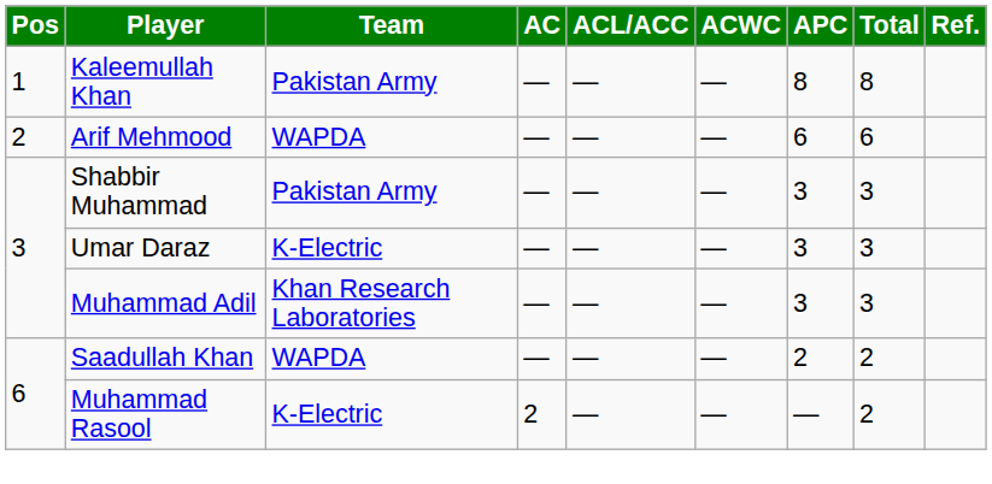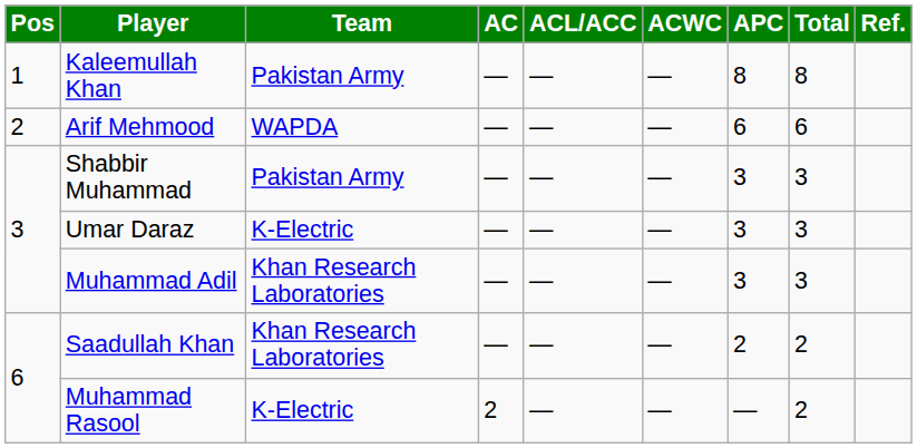 <table class="wikitable">
 <tr>
 <th style="background:green; color:white; text-align:center;">Pos</th>
 <th style="background:green; color:white; text-align:center;">Player</th>
 <th style="background:green; color:white; text-align:center;">Team</th>
 <th style="background:green; color:white; text-align:center;">AC</th>
 <th style="background:green; color:white; text-align:center;">ACL/ACC</th>
 <th style="background:green; color:white; text-align:center;">ACWC</th>
 <th style="background:green; color:white; text-align:center;">APC</th>
 <th style="background:green; color:white; text-align:center;">Total</th>
 <th style="background:green; color:white; text-align:center;">Ref.</th>
 </tr>
 <tr>
 <td>1</td>
 <td> <a href='#'>Kaleemullah Khan</a></td>
 <td><a href='#'>Pakistan Army</a></td>
 <td>—</td>
 <td>—</td>
 <td>—</td>
 <td>8</td>
 <td>8</td>
 <td><br></td>
 </tr>
 <tr>
 <td>2</td>
 <td> <a href='#'>Arif Mehmood</a></td>
 <td><a href='#'>WAPDA</a></td>
 <td>—</td>
 <td>—</td>
 <td>—</td>
 <td>6</td>
 <td>6</td>
 <td><br> </td>
 </tr>
 <tr>
 <td rowspan=3>3</td>
 <td> Shabbir Muhammad</td>
 <td><a href='#'>Pakistan Army</a></td>
 <td>—</td>
 <td>—</td>
 <td>—</td>
 <td>3</td>
 <td>3</td>
 <td></td>
 </tr>
 <tr>
 <td> Umar Daraz</td>
 <td><a href='#'>K-Electric</a></td>
 <td>—</td>
 <td>—</td>
 <td>—</td>
 <td>3</td>
 <td>3</td>
 <td></td>
 </tr>
 <tr>
 <td> <a href='#'>Muhammad Adil</a></td>
 <td><a href='#'>Khan Research Laboratories</a></td>
 <td>—</td>
 <td>—</td>
 <td>—</td>
 <td>3</td>
 <td>3</td>
 <td><br></td>
 </tr>
 <tr>
 <td rowspan=2>6</td>
 <td> <a href='#'>Saadullah Khan</a></td>
-<td><a href='#'>WAPDA</a></td>
+<td><a href='#'>Khan Research Laboratories</a></td>
 <td>—</td>
 <td>—</td>
 <td>—</td>
 <td>2</td>
 <td>2</td>
 <td><br></td>
 </tr>
 <tr>
 <td> <a href='#'>Muhammad Rasool</a></td>
 <td><a href='#'>K-Electric</a></td>
 <td>2</td>
 <td>—</td>
 <td>—</td>
 <td>—</td>
 <td>2</td>
 <td></td>
 </tr>
 </table>
